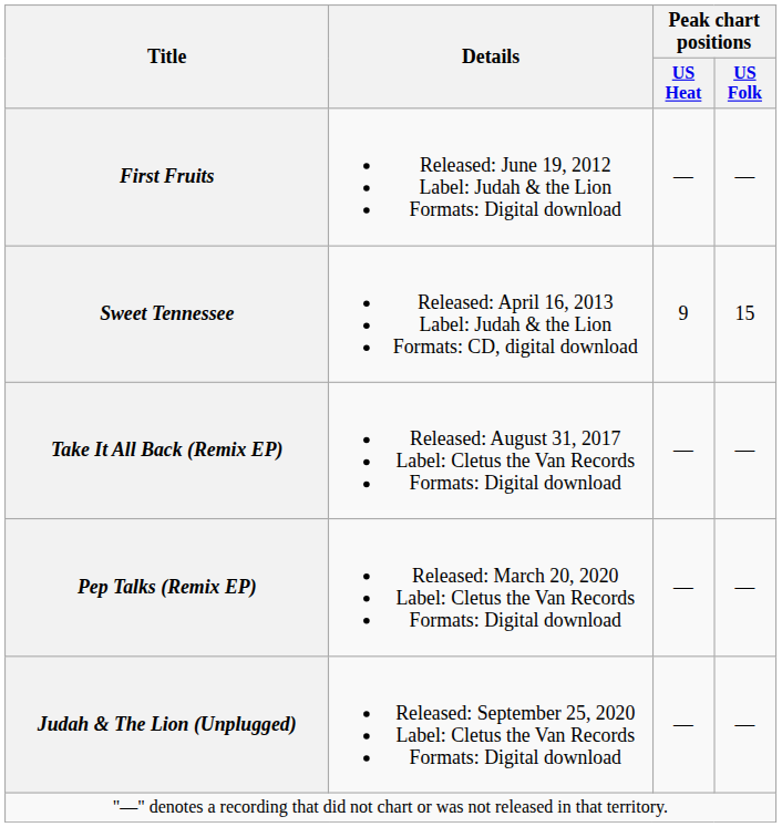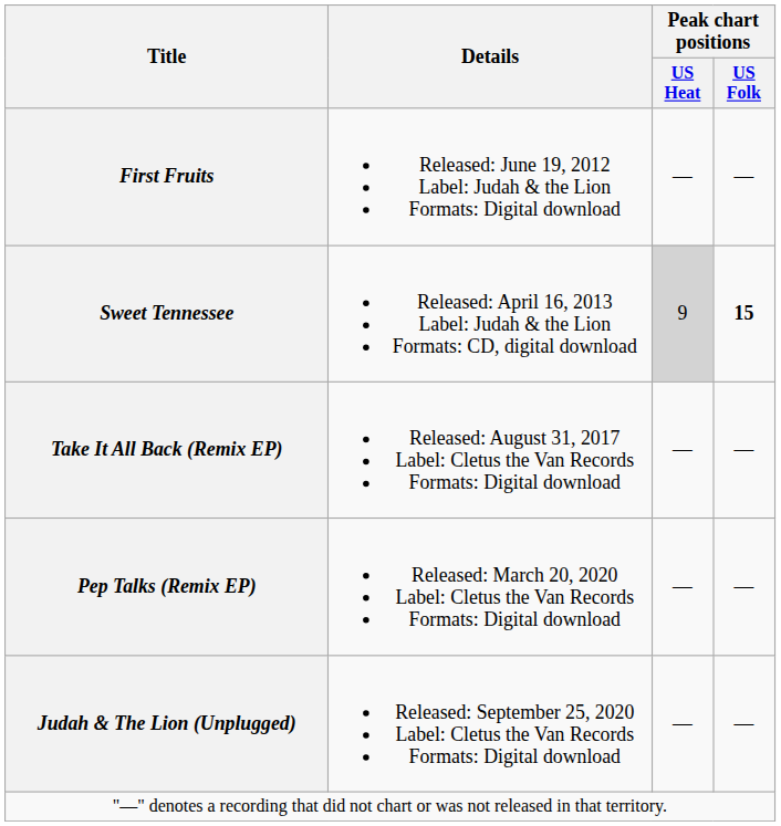 <table class="wikitable plainrowheaders" style="text-align:center;">
 <tr>
 <th scope="col" rowspan="2" style="width:16em;">Title</th>
 <th scope="col" rowspan="2" style="width:16em;">Details</th>
 <th scope="col" colspan="2">Peak chart positions</th>
 </tr>
 <tr>
 <th style="width:3em; font-size:90%"><a href='#'>US<br>Heat</a><br></th>
 <th style="width:3em; font-size:90%"><a href='#'>US<br>Folk</a><br></th>
 </tr>
 <tr>
 <th scope="row"><em>First Fruits</em></th>
 <td><br><ul><li>Released: June 19, 2012</li><li>Label: Judah & the Lion</li><li>Formats: Digital download</li></ul></td>
 <td>—</td>
 <td>—</td>
 </tr>
 <tr>
 <th scope="row"><em>Sweet Tennessee</em></th>
 <td><br><ul><li>Released: April 16, 2013</li><li>Label: Judah & the Lion</li><li>Formats: CD, digital download</li></ul></td>
-<td>9</td>
-<td>15</td>
+<td style="background: lightgrey;">9</td>
+<td><strong>15</strong></td>
 </tr>
 <tr>
 <th scope="row"><em>Take It All Back (Remix EP)</em></th>
 <td><br><ul><li>Released: August 31, 2017</li><li>Label: Cletus the Van Records</li><li>Formats: Digital download</li></ul></td>
 <td>—</td>
 <td>—</td>
 </tr>
 <tr>
 <th scope="row"><em>Pep Talks (Remix EP)</em></th>
 <td><br><ul><li>Released: March 20, 2020</li><li>Label: Cletus the Van Records</li><li>Formats: Digital download</li></ul></td>
 <td>—</td>
 <td>—</td>
 </tr>
 <tr>
 <th scope="row"><em>Judah & The Lion (Unplugged)</em></th>
 <td><br><ul><li>Released: September 25, 2020</li><li>Label: Cletus the Van Records</li><li>Formats: Digital download</li></ul></td>
 <td>—</td>
 <td>—</td>
 </tr>
 <tr>
 <td colspan="12" style="font-size:90%">"—" denotes a recording that did not chart or was not released in that territory.</td>
 </tr>
 </table>
